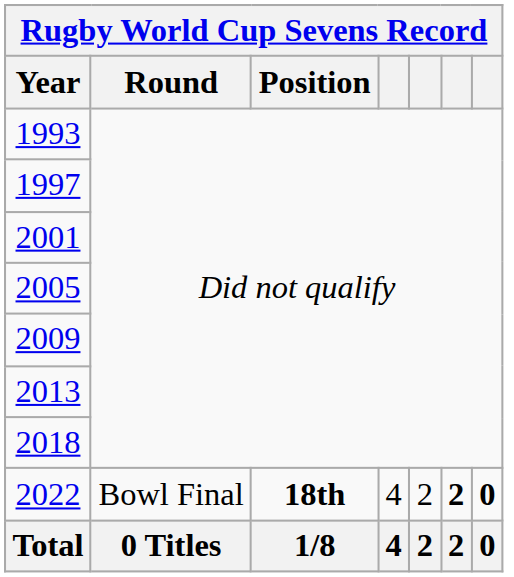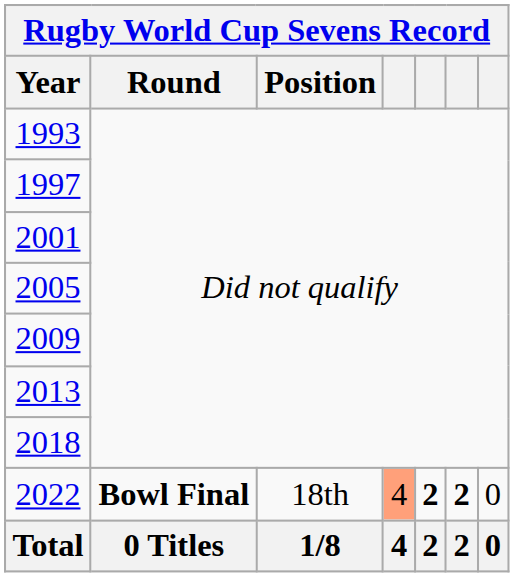 <table class="wikitable" style="text-align: center;">
 <tr>
 <th colspan=7><a href='#'>Rugby World Cup Sevens Record</a></th>
 </tr>
 <tr>
 <th>Year</th>
 <th>Round</th>
 <th>Position</th>
 <th></th>
 <th></th>
 <th></th>
 <th></th>
 </tr>
 <tr>
 <td> <a href='#'>1993</a></td>
 <td colspan=6 rowspan=7><em>Did not qualify</em></td>
 </tr>
 <tr>
 <td> <a href='#'>1997</a></td>
 </tr>
 <tr>
 <td> <a href='#'>2001</a></td>
 </tr>
 <tr>
 <td> <a href='#'>2005</a></td>
 </tr>
 <tr>
 <td> <a href='#'>2009</a></td>
 </tr>
 <tr>
 <td> <a href='#'>2013</a></td>
 </tr>
 <tr>
 <td> <a href='#'>2018</a></td>
 </tr>
 <tr>
 <td> <a href='#'>2022</a></td>
-<td>Bowl Final</td>
-<td><strong>18th</strong></td>
-<td>4</td>
-<td>2</td>
+<td><strong>Bowl Final</strong></td>
+<td>18th</td>
+<td style="background: lightsalmon;">4</td>
 <td><strong>2</strong></td>
-<td><strong>0</strong></td>
+<td><strong>2</strong></td>
+<td>0</td>
 </tr>
 <tr>
 <th>Total</th>
 <th>0 Titles</th>
 <th>1/8</th>
 <th>4</th>
 <th>2</th>
 <th>2</th>
 <th>0</th>
 </tr>
 </table>
